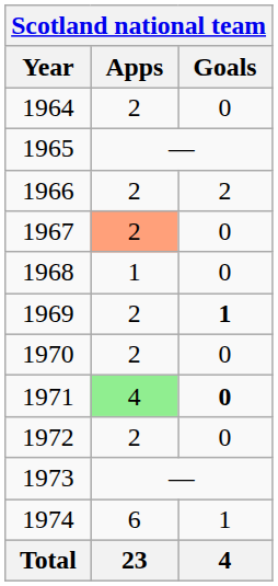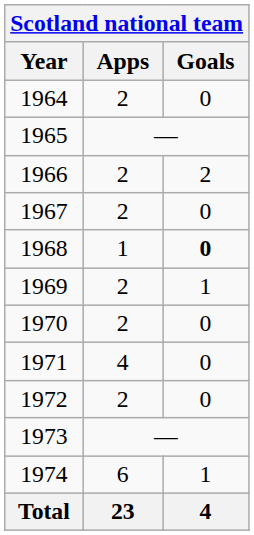 <table class="wikitable" style="text-align:center">
 <tr>
 <th colspan=3><a href='#'>Scotland national team</a></th>
 </tr>
 <tr>
 <th>Year</th>
 <th>Apps</th>
 <th>Goals</th>
 </tr>
 <tr>
 <td>1964</td>
 <td>2</td>
 <td>0</td>
 </tr>
 <tr>
 <td>1965</td>
 <td colspan=2>—</td>
 </tr>
 <tr>
 <td>1966</td>
 <td>2</td>
 <td>2</td>
 </tr>
 <tr>
 <td>1967</td>
-<td style="background: lightsalmon;">2</td>
+<td>2</td>
 <td>0</td>
 </tr>
 <tr>
 <td>1968</td>
 <td>1</td>
-<td>0</td>
+<td><strong>0</strong></td>
 </tr>
 <tr>
 <td>1969</td>
 <td>2</td>
-<td><strong>1</strong></td>
+<td>1</td>
 </tr>
 <tr>
 <td>1970</td>
 <td>2</td>
 <td>0</td>
 </tr>
 <tr>
 <td>1971</td>
-<td style="background: lightgreen;">4</td>
-<td><strong>0</strong></td>
+<td>4</td>
+<td>0</td>
 </tr>
 <tr>
 <td>1972</td>
 <td>2</td>
 <td>0</td>
 </tr>
 <tr>
 <td>1973</td>
 <td colspan=2>—</td>
 </tr>
 <tr>
 <td>1974</td>
 <td>6</td>
 <td>1</td>
 </tr>
 <tr>
 <th>Total</th>
 <th>23</th>
 <th>4</th>
 </tr>
 </table>
